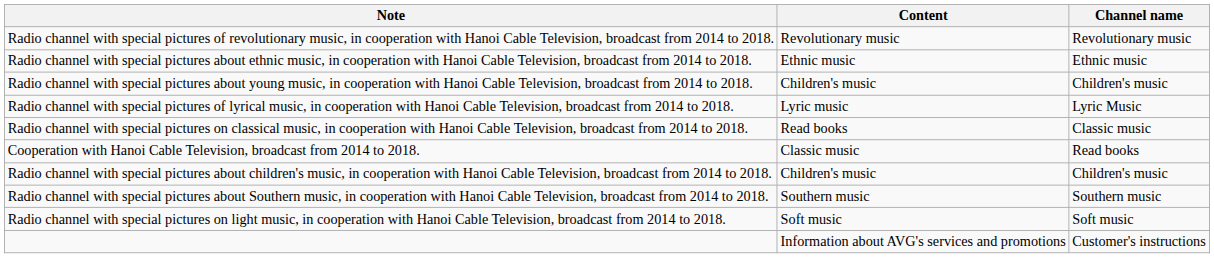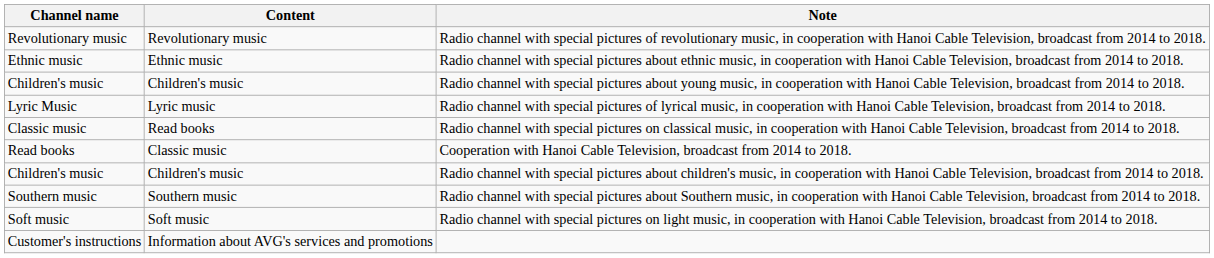 <table class="wikitable">
 <tr>
+<th>Channel name</th>
+<th>Content</th>
 <th>Note</th>
-<th>Content</th>
-<th>Channel name</th>
 </tr>
 <tr>
-<td>Radio channel with special pictures of revolutionary music, in cooperation with Hanoi Cable Television, broadcast from 2014 to 2018.</td>
 <td>Revolutionary music</td>
 <td>Revolutionary music</td>
+<td>Radio channel with special pictures of revolutionary music, in cooperation with Hanoi Cable Television, broadcast from 2014 to 2018.</td>
 </tr>
 <tr>
-<td>Radio channel with special pictures about ethnic music, in cooperation with Hanoi Cable Television, broadcast from 2014 to 2018.</td>
 <td>Ethnic music</td>
 <td>Ethnic music</td>
+<td>Radio channel with special pictures about ethnic music, in cooperation with Hanoi Cable Television, broadcast from 2014 to 2018.</td>
 </tr>
 <tr>
-<td>Radio channel with special pictures about young music, in cooperation with Hanoi Cable Television, broadcast from 2014 to 2018.</td>
 <td>Children's music</td>
 <td>Children's music</td>
+<td>Radio channel with special pictures about young music, in cooperation with Hanoi Cable Television, broadcast from 2014 to 2018.</td>
 </tr>
 <tr>
+<td>Lyric Music</td>
+<td>Lyric music</td>
 <td>Radio channel with special pictures of lyrical music, in cooperation with Hanoi Cable Television, broadcast from 2014 to 2018.</td>
-<td>Lyric music</td>
-<td>Lyric Music</td>
 </tr>
 <tr>
+<td>Classic music</td>
+<td>Read books</td>
 <td>Radio channel with special pictures on classical music, in cooperation with Hanoi Cable Television, broadcast from 2014 to 2018.</td>
+</tr>
+<tr>
 <td>Read books</td>
 <td>Classic music</td>
+<td>Cooperation with Hanoi Cable Television, broadcast from 2014 to 2018.</td>
 </tr>
 <tr>
-<td>Cooperation with Hanoi Cable Television, broadcast from 2014 to 2018.</td>
-<td>Classic music</td>
-<td>Read books</td>
+<td>Children's music</td>
+<td>Children's music</td>
+<td>Radio channel with special pictures about children's music, in cooperation with Hanoi Cable Television, broadcast from 2014 to 2018.</td>
 </tr>
 <tr>
-<td>Radio channel with special pictures about children's music, in cooperation with Hanoi Cable Television, broadcast from 2014 to 2018.</td>
-<td>Children's music</td>
-<td>Children's music</td>
+<td>Southern music</td>
+<td>Southern music</td>
+<td>Radio channel with special pictures about Southern music, in cooperation with Hanoi Cable Television, broadcast from 2014 to 2018.</td>
 </tr>
 <tr>
-<td>Radio channel with special pictures about Southern music, in cooperation with Hanoi Cable Television, broadcast from 2014 to 2018.</td>
-<td>Southern music</td>
-<td>Southern music</td>
+<td>Soft music</td>
+<td>Soft music</td>
+<td>Radio channel with special pictures on light music, in cooperation with Hanoi Cable Television, broadcast from 2014 to 2018.</td>
 </tr>
 <tr>
-<td>Radio channel with special pictures on light music, in cooperation with Hanoi Cable Television, broadcast from 2014 to 2018.</td>
-<td>Soft music</td>
-<td>Soft music</td>
-</tr>
-<tr>
+<td>Customer's instructions</td>
+<td>Information about AVG's services and promotions</td>
 <td></td>
-<td>Information about AVG's services and promotions</td>
-<td>Customer's instructions</td>
 </tr>
 </table>
